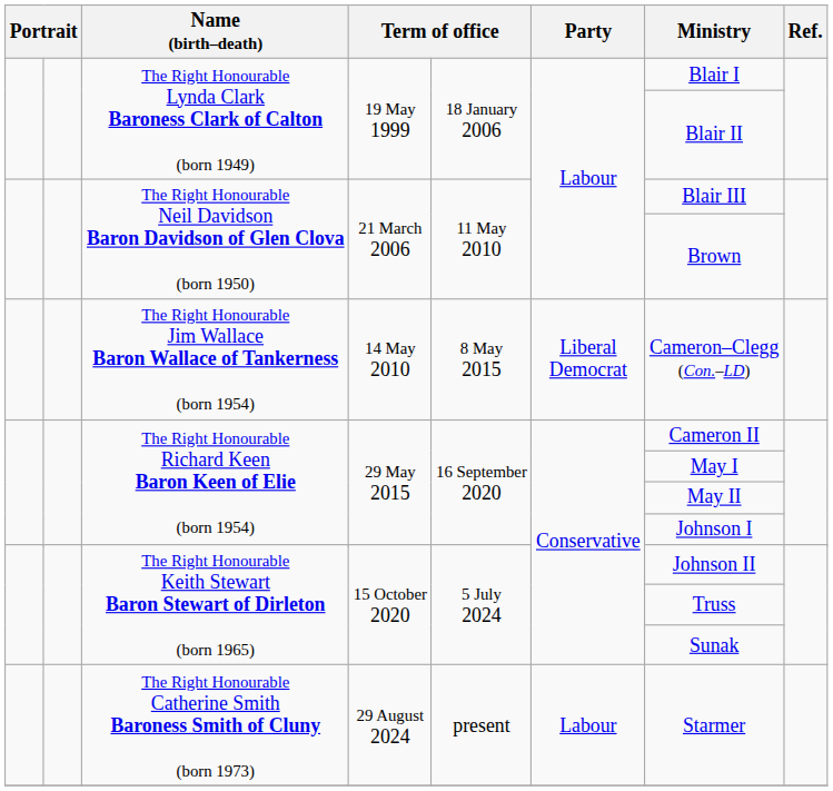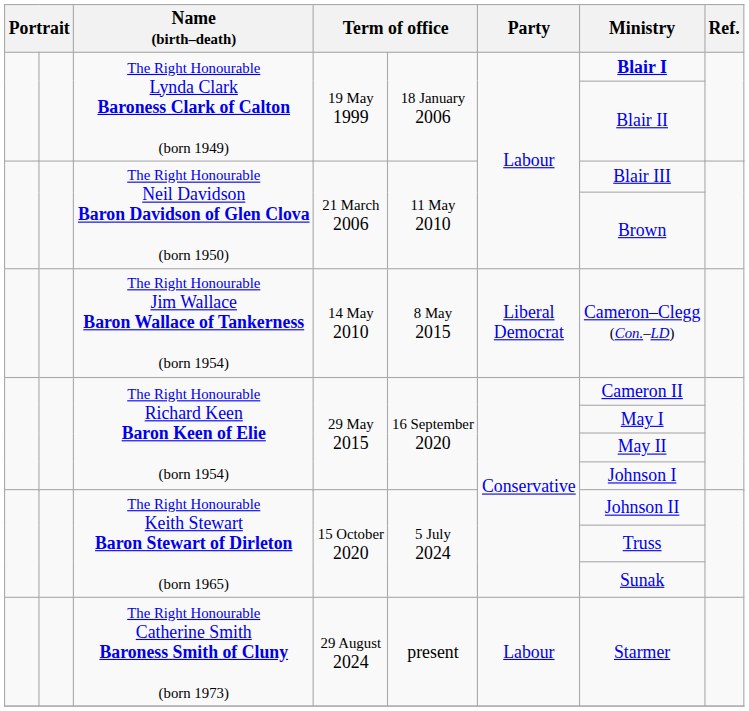 <table class="wikitable" style="text-align:center; white-space: nowrap">
 <tr>
 <th colspan=2>Portrait</th>
 <th>Name<br><small>(birth–death)</small></th>
 <th colspan=2>Term of office</th>
 <th>Party</th>
 <th>Ministry</th>
 <th><abbr>Ref.</abbr></th>
 </tr>
 <tr>
 <td rowspan=2 style="background-color: "></td>
 <td rowspan=2></td>
 <td rowspan=2><a href='#'><small>The Right Honourable</small><br>Lynda Clark<br><strong>Baroness Clark of Calton</strong></a><br> <br><small>(born 1949)</small></td>
 <td rowspan=2><small>19 May</small><br>1999</td>
 <td rowspan=2><small>18 January</small><br>2006</td>
 <td rowspan=5 ><a href='#'>Labour</a></td>
-<td><a href='#'>Blair I</a></td>
+<td><strong><a href='#'>Blair I</a></strong></td>
 <td rowspan=2></td>
 </tr>
 <tr>
 <td rowspan=2 ><a href='#'>Blair II</a></td>
 </tr>
 <tr>
 <td rowspan=3 style="background-color: "></td>
 <td rowspan=3></td>
 <td rowspan=3><a href='#'><small>The Right Honourable</small><br>Neil Davidson<br><strong>Baron Davidson of Glen Clova</strong></a><br><br><small>(born 1950)</small></td>
 <td rowspan=3><small>21 March</small><br>2006</td>
 <td rowspan=3><small>11 May</small><br>2010</td>
 <td rowspan=3></td>
 </tr>
 <tr>
 <td><a href='#'>Blair III</a></td>
 </tr>
 <tr>
 <td> <br><a href='#'>Brown</a><br> </td>
 </tr>
 <tr>
 <td style="background-color: "></td>
 <td></td>
 <td><a href='#'><small>The Right Honourable</small><br>Jim Wallace<br><strong>Baron Wallace of Tankerness</strong></a><br><br><small>(born 1954)</small></td>
 <td><small>14 May</small><br>2010</td>
 <td><small>8 May</small><br>2015</td>
 <td><a href='#'>Liberal<br>Democrat</a></td>
 <td><a href='#'>Cameron–Clegg</a><br><small>(<em><a href='#'>Con.</a>–<a href='#'>LD</a></em>)</small></td>
 <td></td>
 </tr>
 <tr>
 <td rowspan=5 style="background-color: "></td>
 <td rowspan=5></td>
 <td rowspan=5><a href='#'><small>The Right Honourable</small><br>Richard Keen<br><strong>Baron Keen of Elie</strong></a><br><br><small>(born 1954)</small></td>
 <td rowspan=5><small>29 May</small><br>2015</td>
 <td rowspan=5><small>16 September</small><br>2020</td>
 <td rowspan=8 ><a href='#'>Conservative</a></td>
 <td><a href='#'>Cameron II</a></td>
 <td rowspan=5></td>
 </tr>
 <tr>
 <td><a href='#'>May I</a></td>
 </tr>
 <tr>
 <td><a href='#'>May II</a></td>
 </tr>
 <tr>
 <td><a href='#'>Johnson I</a></td>
 </tr>
 <tr>
 <td rowspan=2 ><a href='#'>Johnson II</a></td>
 </tr>
 <tr>
 <td rowspan=3 style="background-color: "></td>
 <td rowspan=3></td>
 <td rowspan=3><a href='#'><small>The Right Honourable</small><br>Keith Stewart<br><strong>Baron Stewart of Dirleton</strong></a><br><br><small>(born 1965)</small></td>
 <td rowspan=3><small>15 October</small><br>2020</td>
 <td rowspan=3><small>5 July</small><br>2024</td>
 <td rowspan=3></td>
 </tr>
 <tr>
 <td><a href='#'>Truss</a></td>
 </tr>
 <tr>
 <td><a href='#'>Sunak</a></td>
 </tr>
 <tr>
 <td rowspan=1 style="background-color: "></td>
 <td></td>
 <td><a href='#'><small>The Right Honourable<br></small>Catherine Smith<br><strong>Baroness Smith of Cluny</strong></a><br><br><small>(born 1973)</small></td>
 <td><small>29 August</small><br>2024</td>
 <td>present</td>
 <td><a href='#'>Labour</a></td>
 <td><a href='#'>Starmer</a></td>
 <td></td>
 </tr>
 <tr>
 </tr>
 </table>
